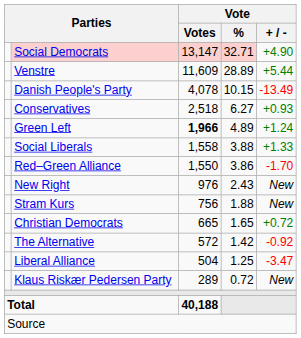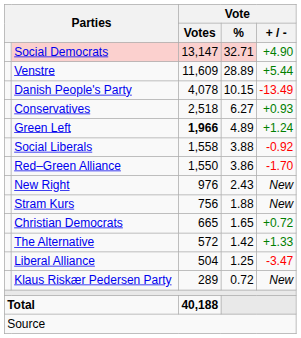 <table class="wikitable" style="text-align:right;">
 <tr>
 <th style="text-align:centre;" rowspan="2" colspan="2" width="225">Parties</th>
 <th colspan="3">Vote</th>
 </tr>
 <tr>
 <th width="15">Votes</th>
 <th width="15">%</th>
 <th width="15">+ / -</th>
 </tr>
 <tr>
 <td width="2" style="color:inherit;background:"></td>
 <td bgcolor=#fbd0ce  align="left"><a href='#'>Social Democrats</a></td>
 <td bgcolor=#fbd0ce>13,147</td>
 <td bgcolor=#fbd0ce>32.71</td>
 <td style=color:green;>+4.90</td>
 </tr>
 <tr>
 <td width="2" style="color:inherit;background:"></td>
 <td align="left"><a href='#'>Venstre</a></td>
 <td>11,609</td>
 <td>28.89</td>
 <td style=color:green;>+5.44</td>
 </tr>
 <tr>
 <td width="2" style="color:inherit;background:"></td>
 <td align="left"><a href='#'>Danish People's Party</a></td>
 <td>4,078</td>
 <td>10.15</td>
 <td style=color:red;>-13.49</td>
 </tr>
 <tr>
 <td width="2" style="color:inherit;background:"></td>
 <td align="left"><a href='#'>Conservatives</a></td>
 <td>2,518</td>
 <td>6.27</td>
 <td style=color:green;>+0.93</td>
 </tr>
 <tr>
 <td width="2" style="color:inherit;background:"></td>
 <td align="left"><a href='#'>Green Left</a></td>
 <td><strong>1,966</strong></td>
 <td>4.89</td>
 <td style=color:green;>+1.24</td>
 </tr>
 <tr>
 <td width="2" style="color:inherit;background:"></td>
 <td align="left"><a href='#'>Social Liberals</a></td>
 <td>1,558</td>
 <td>3.88</td>
-<td style=color:green;>+1.33</td>
+<td style=color:red;>-0.92</td>
 </tr>
 <tr>
 <td width="2" style="color:inherit;background:"></td>
 <td align="left"><a href='#'>Red–Green Alliance</a></td>
 <td>1,550</td>
 <td>3.86</td>
 <td style=color:red;>-1.70</td>
 </tr>
 <tr>
 <td width="2" style="color:inherit;background:"></td>
 <td align="left"><a href='#'>New Right</a></td>
 <td>976</td>
 <td>2.43</td>
 <td><em>New</em></td>
 </tr>
 <tr>
 <td width="2" style="color:inherit;background:"></td>
 <td align="left"><a href='#'>Stram Kurs</a></td>
 <td>756</td>
 <td>1.88</td>
 <td><em>New</em></td>
 </tr>
 <tr>
 <td width="2" style="color:inherit;background:"></td>
 <td align="left"><a href='#'>Christian Democrats</a></td>
 <td>665</td>
 <td>1.65</td>
 <td style=color:green;>+0.72</td>
 </tr>
 <tr>
 <td width="2" style="color:inherit;background:"></td>
 <td align="left"><a href='#'>The Alternative</a></td>
 <td>572</td>
 <td>1.42</td>
-<td style=color:red;>-0.92</td>
+<td style=color:green;>+1.33</td>
 </tr>
 <tr>
 <td width="2" style="color:inherit;background:"></td>
 <td align="left"><a href='#'>Liberal Alliance</a></td>
 <td>504</td>
 <td>1.25</td>
 <td style=color:red;>-3.47</td>
 </tr>
 <tr>
 <td width="2" style="color:inherit;background:"></td>
 <td align="left"><a href='#'>Klaus Riskær Pedersen Party</a></td>
 <td>289</td>
 <td>0.72</td>
 <td><em>New</em></td>
 </tr>
 <tr>
 <td colspan="7" bgcolor="#E9E9E9"></td>
 </tr>
 <tr>
 <td align="left" colspan="2"><strong>Total</strong></td>
 <td><strong>40,188</strong></td>
 <td bgcolor="#E9E9E9" colspan="2"></td>
 </tr>
 <tr>
 <td align="left" colspan="6">Source</td>
 </tr>
 </table>
